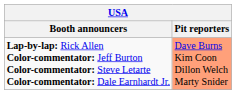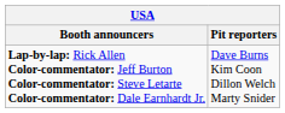 <table class="wikitable" style="font-size: 95%">
 <tr>
 <th colspan="2"><a href='#'>USA</a></th>
 </tr>
 <tr>
 <th>Booth announcers</th>
 <th>Pit reporters</th>
 </tr>
 <tr>
 <td><strong>Lap-by-lap:</strong> <a href='#'>Rick Allen</a><br><strong>Color-commentator:</strong> <a href='#'>Jeff Burton</a><br><strong>Color-commentator:</strong> <a href='#'>Steve Letarte</a><br><strong>Color-commentator:</strong> <a href='#'>Dale Earnhardt Jr.</a></td>
-<td style="background: lightsalmon;"><a href='#'>Dave Burns</a><br>Kim Coon<br>Dillon Welch<br>Marty Snider</td>
+<td><a href='#'>Dave Burns</a><br>Kim Coon<br>Dillon Welch<br>Marty Snider</td>
 </tr>
 </table>
